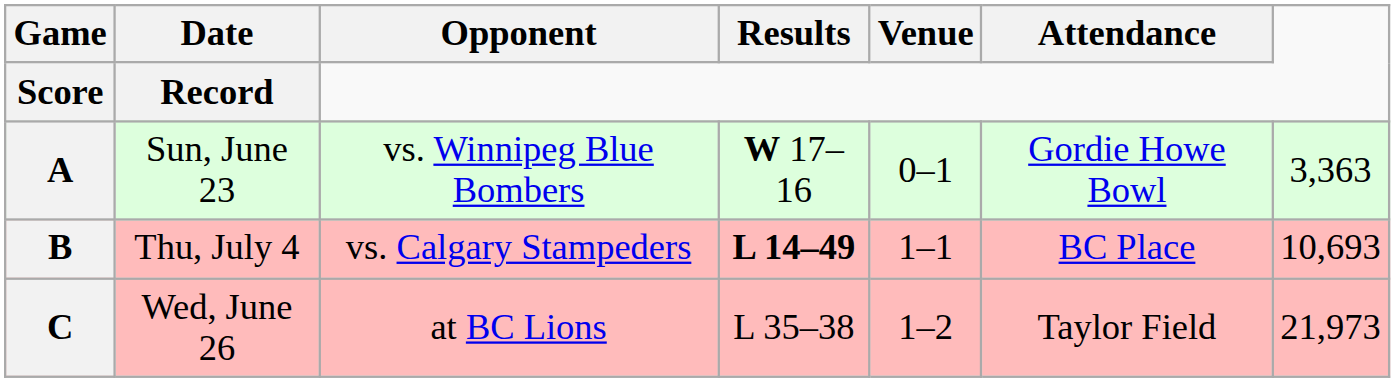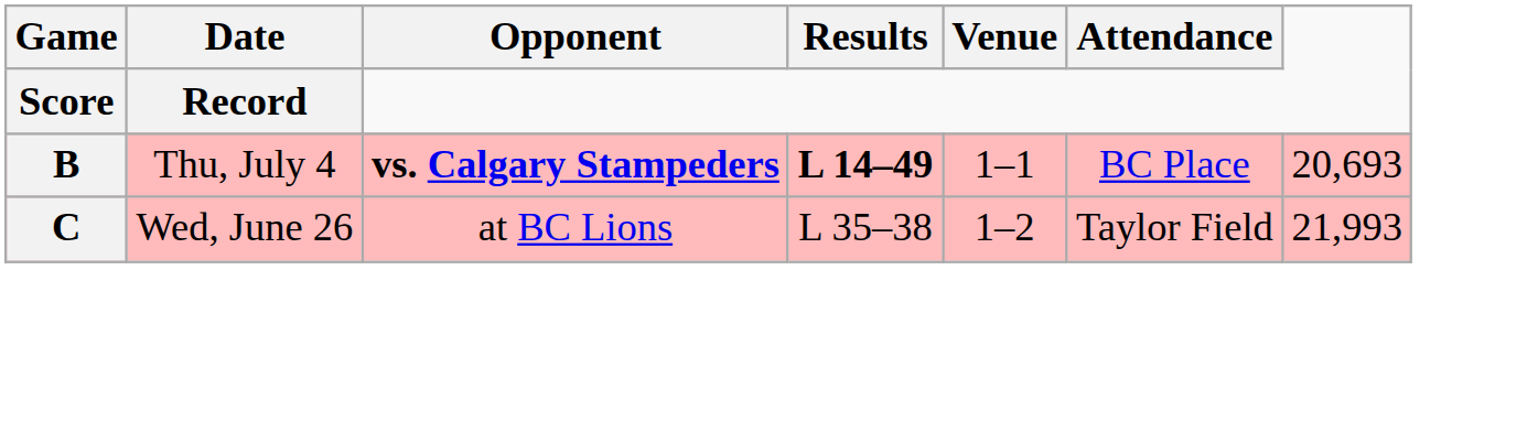 <table class="wikitable" style="text-align:center">
 <tr>
 <th>Game</th>
 <th>Date</th>
 <th>Opponent</th>
 <th>Results</th>
 <th>Venue</th>
 <th>Attendance</th>
 </tr>
 <tr>
 <th>Score</th>
 <th>Record</th>
 </tr>
-<tr style="background:#ddffdd">
-<th>A</th>
-<td>Sun, June 23</td>
-<td>vs. <a href='#'>Winnipeg Blue Bombers</a></td>
-<td><strong>W</strong> 17–16</td>
-<td>0–1</td>
-<td><a href='#'>Gordie Howe Bowl</a></td>
-<td>3,363</td>
-</tr>
 <tr style="background:#ffbbbb">
 <th>B</th>
 <td>Thu, July 4</td>
-<td>vs. <a href='#'>Calgary Stampeders</a></td>
+<td><strong>vs. <a href='#'>Calgary Stampeders</a></strong></td>
 <td><strong>L 14–49</strong></td>
 <td>1–1</td>
 <td><a href='#'>BC Place</a></td>
-<td>10,693</td>
+<td>20,693</td>
 </tr>
 <tr style="background:#ffbbbb">
 <th>C</th>
 <td>Wed, June 26</td>
 <td>at <a href='#'>BC Lions</a></td>
 <td>L 35–38</td>
 <td>1–2</td>
 <td>Taylor Field</td>
-<td>21,973</td>
+<td>21,993</td>
 </tr>
 </table>
